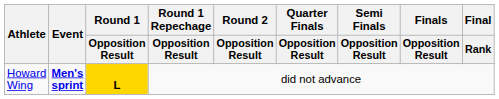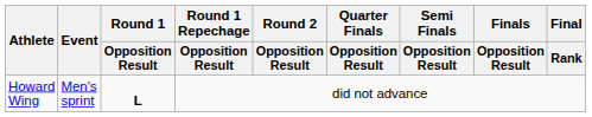 <table class="wikitable" style="font-size:90%">
 <tr>
 <th rowspan="2">Athlete</th>
 <th rowspan="2">Event</th>
 <th>Round 1</th>
 <th>Round 1 Repechage</th>
 <th>Round 2</th>
 <th>Quarter Finals</th>
 <th>Semi Finals</th>
 <th>Finals</th>
 <th>Final</th>
 </tr>
 <tr style="font-size:95%">
 <th>Opposition<br>Result</th>
 <th>Opposition<br>Result</th>
 <th>Opposition<br>Result</th>
 <th>Opposition<br>Result</th>
 <th>Opposition<br>Result</th>
 <th>Opposition<br>Result</th>
 <th>Rank</th>
 </tr>
 <tr align=center>
 <td align=left><a href='#'>Howard Wing</a></td>
-<td align=left><strong><a href='#'>Men's sprint</a></strong></td>
-<td style="background: gold;"><br><strong>L</strong></td>
+<td align=left><a href='#'>Men's sprint</a></td>
+<td><br><strong>L</strong></td>
 <td colspan=6>did not advance</td>
 </tr>
 </table>
